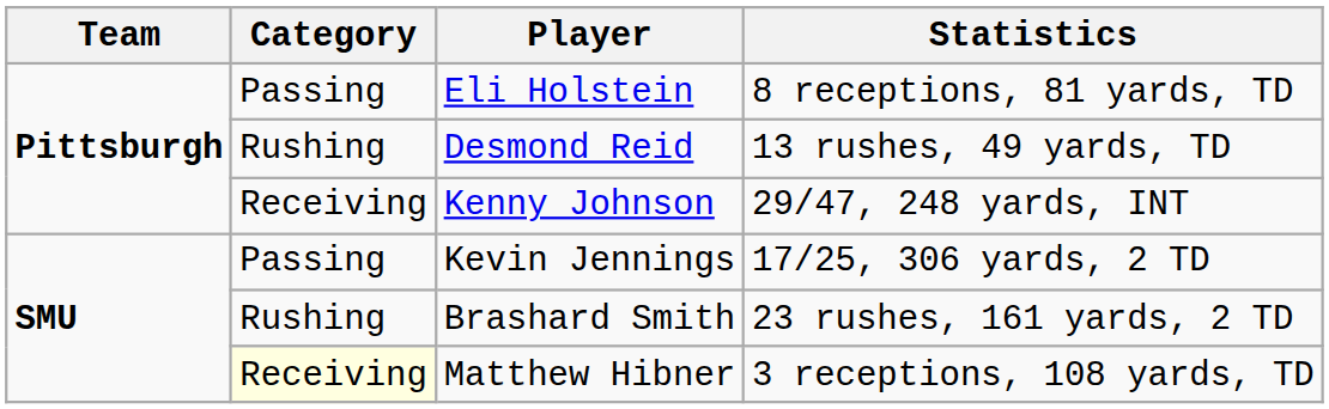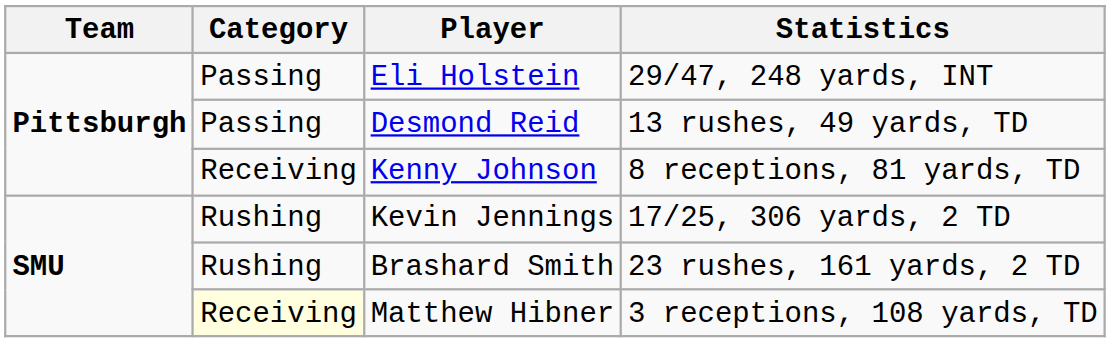 <table class="wikitable" style="float: right;">
 <tr>
 <th>Team</th>
 <th>Category</th>
 <th>Player</th>
 <th>Statistics</th>
 </tr>
 <tr>
 <td rowspan=3><strong>Pittsburgh</strong></td>
 <td>Passing</td>
 <td><a href='#'>Eli Holstein</a></td>
-<td>8 receptions, 81 yards, TD</td>
+<td>29/47, 248 yards, INT</td>
 </tr>
 <tr>
-<td>Rushing</td>
+<td>Passing</td>
 <td><a href='#'>Desmond Reid</a></td>
 <td>13 rushes, 49 yards, TD</td>
 </tr>
 <tr>
 <td>Receiving</td>
 <td><a href='#'>Kenny Johnson</a></td>
-<td>29/47, 248 yards, INT</td>
+<td>8 receptions, 81 yards, TD</td>
 </tr>
 <tr>
 <td rowspan=3><strong>SMU</strong></td>
-<td>Passing</td>
+<td>Rushing</td>
 <td>Kevin Jennings</td>
 <td>17/25, 306 yards, 2 TD</td>
 </tr>
 <tr>
 <td>Rushing</td>
 <td>Brashard Smith</td>
 <td>23 rushes, 161 yards, 2 TD</td>
 </tr>
 <tr>
 <td style="background: lightyellow;">Receiving</td>
 <td>Matthew Hibner</td>
 <td>3 receptions, 108 yards, TD</td>
 </tr>
 </table>
